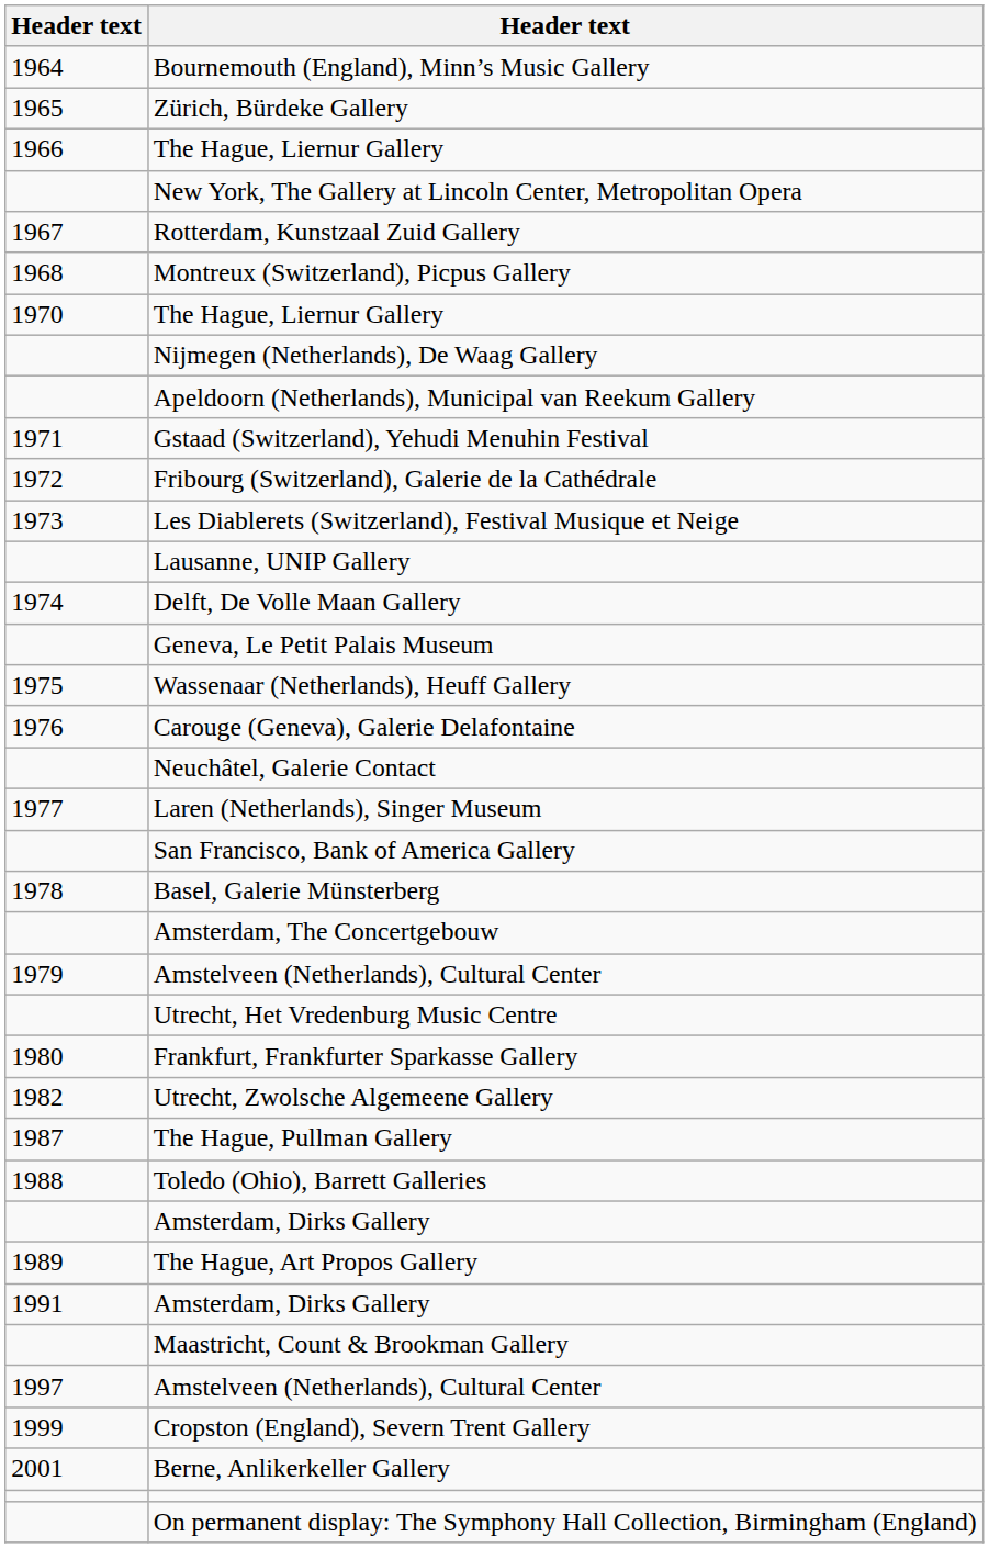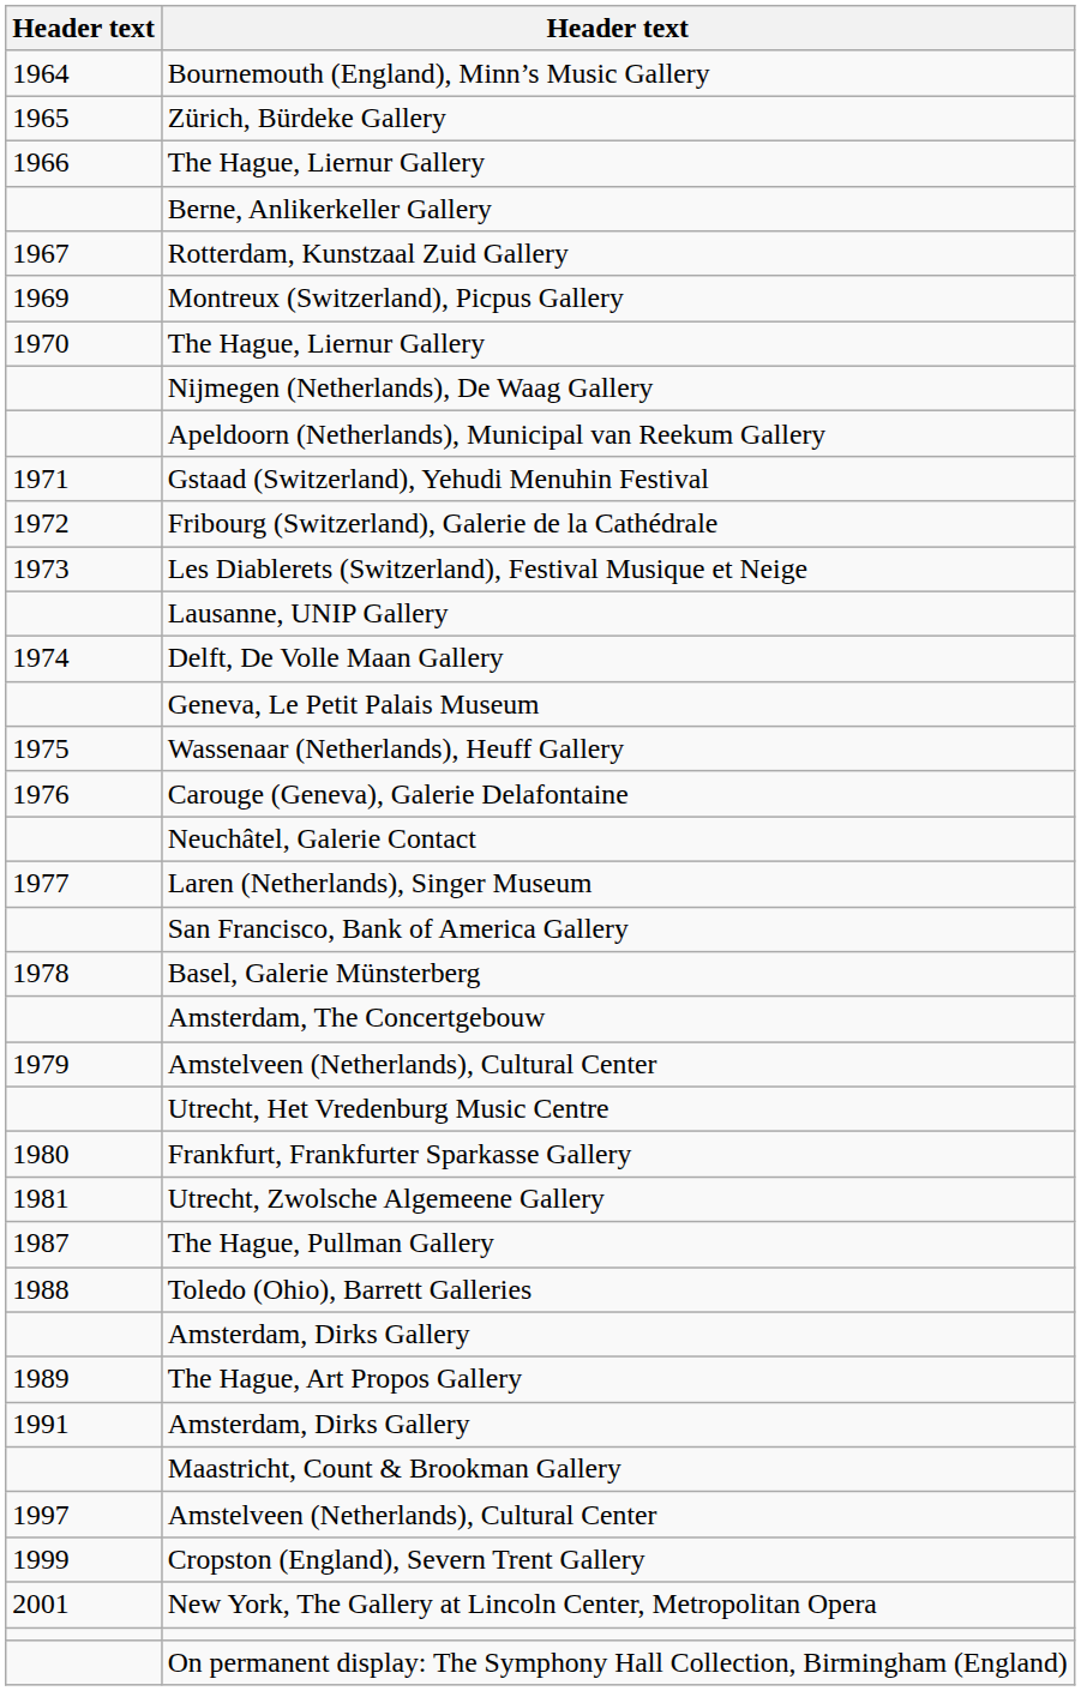 <table class="wikitable">
 <tr>
 <th>Header text</th>
 <th>Header text</th>
 </tr>
 <tr>
 <td>1964</td>
 <td>Bournemouth (England), Minn’s Music Gallery</td>
 </tr>
 <tr>
 <td>1965</td>
 <td>Zürich, Bürdeke Gallery</td>
 </tr>
 <tr>
 <td>1966</td>
 <td>The Hague, Liernur Gallery</td>
 </tr>
 <tr>
 <td></td>
-<td>New York, The Gallery at Lincoln Center, Metropolitan Opera</td>
+<td>Berne, Anlikerkeller Gallery</td>
 </tr>
 <tr>
 <td>1967</td>
 <td>Rotterdam, Kunstzaal Zuid Gallery</td>
 </tr>
 <tr>
-<td>1968</td>
+<td>1969</td>
 <td>Montreux (Switzerland), Picpus Gallery</td>
 </tr>
 <tr>
 <td>1970</td>
 <td>The Hague, Liernur Gallery</td>
 </tr>
 <tr>
 <td></td>
 <td>Nijmegen (Netherlands), De Waag Gallery</td>
 </tr>
 <tr>
 <td></td>
 <td>Apeldoorn (Netherlands), Municipal van Reekum Gallery</td>
 </tr>
 <tr>
 <td>1971</td>
 <td>Gstaad (Switzerland), Yehudi Menuhin Festival</td>
 </tr>
 <tr>
 <td>1972</td>
 <td>Fribourg (Switzerland), Galerie de la Cathédrale</td>
 </tr>
 <tr>
 <td>1973</td>
 <td>Les Diablerets (Switzerland), Festival Musique et Neige</td>
 </tr>
 <tr>
 <td></td>
 <td>Lausanne, UNIP Gallery</td>
 </tr>
 <tr>
 <td>1974</td>
 <td>Delft, De Volle Maan Gallery</td>
 </tr>
 <tr>
 <td></td>
 <td>Geneva, Le Petit Palais Museum</td>
 </tr>
 <tr>
 <td>1975</td>
 <td>Wassenaar (Netherlands), Heuff Gallery</td>
 </tr>
 <tr>
 <td>1976</td>
 <td>Carouge (Geneva), Galerie Delafontaine</td>
 </tr>
 <tr>
 <td></td>
 <td>Neuchâtel, Galerie Contact</td>
 </tr>
 <tr>
 <td>1977</td>
 <td>Laren (Netherlands), Singer Museum</td>
 </tr>
 <tr>
 <td></td>
 <td>San Francisco, Bank of America Gallery</td>
 </tr>
 <tr>
 <td>1978</td>
 <td>Basel, Galerie Münsterberg</td>
 </tr>
 <tr>
 <td></td>
 <td>Amsterdam, The Concertgebouw</td>
 </tr>
 <tr>
 <td>1979</td>
 <td>Amstelveen (Netherlands), Cultural Center</td>
 </tr>
 <tr>
 <td></td>
 <td>Utrecht, Het Vredenburg Music Centre</td>
 </tr>
 <tr>
 <td>1980</td>
 <td>Frankfurt, Frankfurter Sparkasse Gallery</td>
 </tr>
 <tr>
-<td>1982</td>
+<td>1981</td>
 <td>Utrecht, Zwolsche Algemeene Gallery</td>
 </tr>
 <tr>
 <td>1987</td>
 <td>The Hague, Pullman Gallery</td>
 </tr>
 <tr>
 <td>1988</td>
 <td>Toledo (Ohio), Barrett Galleries</td>
 </tr>
 <tr>
 <td></td>
 <td>Amsterdam, Dirks Gallery</td>
 </tr>
 <tr>
 <td>1989</td>
 <td>The Hague, Art Propos Gallery</td>
 </tr>
 <tr>
 <td>1991</td>
 <td>Amsterdam, Dirks Gallery</td>
 </tr>
 <tr>
 <td></td>
 <td>Maastricht, Count & Brookman Gallery</td>
 </tr>
 <tr>
 <td>1997</td>
 <td>Amstelveen (Netherlands), Cultural Center</td>
 </tr>
 <tr>
 <td>1999</td>
 <td>Cropston (England), Severn Trent Gallery</td>
 </tr>
 <tr>
 <td>2001</td>
-<td>Berne, Anlikerkeller Gallery</td>
+<td>New York, The Gallery at Lincoln Center, Metropolitan Opera</td>
 </tr>
 <tr>
 <td></td>
 <td></td>
 </tr>
 <tr>
 <td></td>
 <td>On permanent display: The Symphony Hall Collection, Birmingham (England)</td>
 </tr>
 </table>
